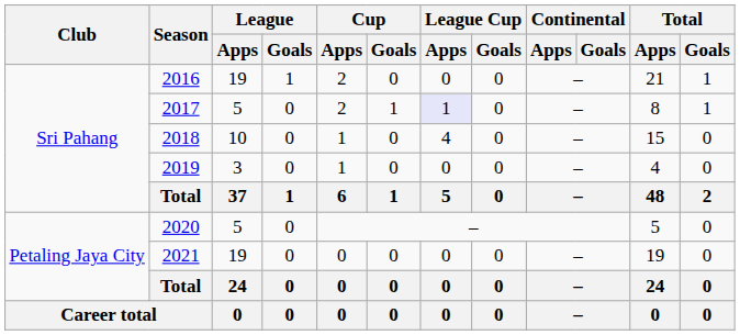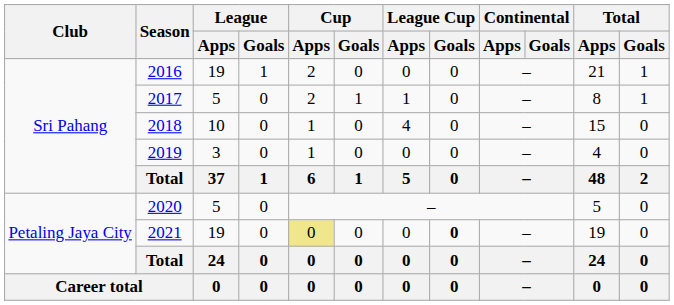 <table class="wikitable" style="text-align: center;">
 <tr>
 <th rowspan="2">Club</th>
 <th rowspan="2">Season</th>
 <th colspan="2">League</th>
 <th colspan="2">Cup</th>
 <th colspan="2">League Cup</th>
 <th colspan="2">Continental</th>
 <th colspan="2">Total</th>
 </tr>
 <tr>
 <th>Apps</th>
 <th>Goals</th>
 <th>Apps</th>
 <th>Goals</th>
 <th>Apps</th>
 <th>Goals</th>
 <th>Apps</th>
 <th>Goals</th>
 <th>Apps</th>
 <th>Goals</th>
 </tr>
 <tr>
 <td rowspan="5" valign="center"><a href='#'>Sri Pahang</a></td>
 <td><a href='#'>2016</a></td>
 <td>19</td>
 <td>1</td>
 <td>2</td>
 <td>0</td>
 <td>0</td>
 <td>0</td>
 <td colspan="2">–</td>
 <td>21</td>
 <td>1</td>
 </tr>
 <tr>
 <td><a href='#'>2017</a></td>
 <td>5</td>
 <td>0</td>
 <td>2</td>
 <td>1</td>
-<td style="background: lavender;">1</td>
+<td>1</td>
 <td>0</td>
 <td colspan="2">–</td>
 <td>8</td>
 <td>1</td>
 </tr>
 <tr>
 <td><a href='#'>2018</a></td>
 <td>10</td>
 <td>0</td>
 <td>1</td>
 <td>0</td>
 <td>4</td>
 <td>0</td>
 <td colspan="2">–</td>
 <td>15</td>
 <td>0</td>
 </tr>
 <tr>
 <td><a href='#'>2019</a></td>
 <td>3</td>
 <td>0</td>
 <td>1</td>
 <td>0</td>
 <td>0</td>
 <td>0</td>
 <td colspan="2">–</td>
 <td>4</td>
 <td>0</td>
 </tr>
 <tr>
 <th>Total</th>
 <th>37</th>
 <th>1</th>
 <th>6</th>
 <th>1</th>
 <th>5</th>
 <th>0</th>
 <th colspan="2">–</th>
 <th>48</th>
 <th>2</th>
 </tr>
 <tr>
 <td rowspan="3" valign="center"><a href='#'>Petaling Jaya City</a></td>
 <td><a href='#'>2020</a></td>
 <td>5</td>
 <td>0</td>
 <td colspan="6">–</td>
 <td>5</td>
 <td>0</td>
 </tr>
 <tr>
 <td><a href='#'>2021</a></td>
 <td>19</td>
 <td>0</td>
+<td style="background: khaki;">0</td>
 <td>0</td>
 <td>0</td>
-<td>0</td>
-<td>0</td>
+<td><strong>0</strong></td>
 <td colspan="2">–</td>
 <td>19</td>
 <td>0</td>
 </tr>
 <tr>
 <th>Total</th>
 <th>24</th>
 <th>0</th>
 <th>0</th>
 <th>0</th>
 <th>0</th>
 <th>0</th>
 <th colspan="2">–</th>
 <th>24</th>
 <th>0</th>
 </tr>
 <tr>
 <th colspan=2>Career total</th>
 <th>0</th>
 <th>0</th>
 <th>0</th>
 <th>0</th>
 <th>0</th>
 <th>0</th>
 <th colspan="2">–</th>
 <th>0</th>
 <th>0</th>
 </tr>
 </table>
